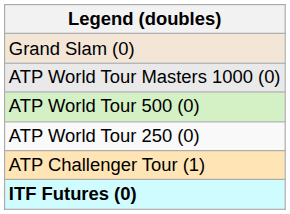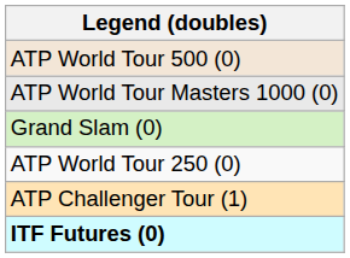 <table class="wikitable">
 <tr>
 <th>Legend (doubles)</th>
 </tr>
 <tr style="background:#f3e6d7;">
-<td>Grand Slam (0)</td>
+<td>ATP World Tour 500 (0)</td>
 </tr>
 <tr style="background:#e9e9e9;">
 <td>ATP World Tour Masters 1000 (0)</td>
 </tr>
 <tr style="background:#d4f1c5;">
-<td>ATP World Tour 500 (0)</td>
+<td>Grand Slam (0)</td>
 </tr>
 <tr>
 <td>ATP World Tour 250 (0)</td>
 </tr>
 <tr bgcolor="moccasin">
 <td>ATP Challenger Tour (1)</td>
 </tr>
 <tr bgcolor="CFFCFF">
 <td><strong>ITF Futures (0)</strong></td>
 </tr>
 </table>
